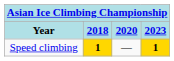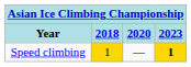 <table class="wikitable" style="text-align:center">
 <tr>
 <th colspan="4" style="background:#b0e0e6"><a href='#'>Asian Ice Climbing Championship</a></th>
 </tr>
 <tr>
 <th style="background:#b0e0e6">Year</th>
 <th style="background:#b0e0e6"><a href='#'>2018</a></th>
 <th style="background:#b0e0e6"><a href='#'>2020</a></th>
 <th style="background:#b0e0e6"><a href='#'>2023</a></th>
 </tr>
 <tr>
 <td><a href='#'>Speed climbing</a></td>
-<td style="background:gold"><strong>1</strong></td>
+<td style="background:gold">1</td>
 <td>—</td>
 <td style="background:gold"><strong>1</strong></td>
 </tr>
 </table>
